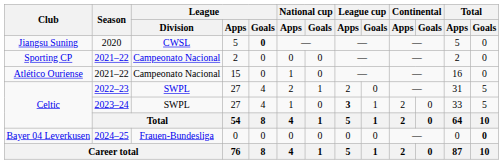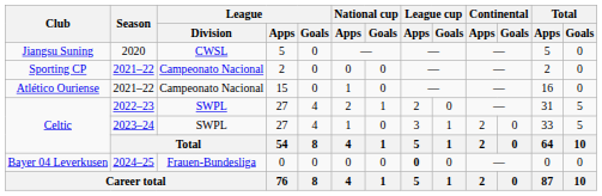 <table class=wikitable style=text-align:center>
 <tr>
 <th rowspan="2">Club</th>
 <th rowspan="2">Season</th>
 <th colspan="3">League</th>
 <th colspan="2">National cup</th>
 <th colspan="2">League cup</th>
 <th colspan="2">Continental</th>
 <th colspan="2">Total</th>
 </tr>
 <tr>
 <th>Division</th>
 <th>Apps</th>
 <th>Goals</th>
 <th>Apps</th>
 <th>Goals</th>
 <th>Apps</th>
 <th>Goals</th>
 <th>Apps</th>
 <th>Goals</th>
 <th>Apps</th>
 <th>Goals</th>
 </tr>
 <tr>
 <td><a href='#'>Jiangsu Suning</a></td>
 <td>2020</td>
 <td><a href='#'>CWSL</a></td>
 <td>5</td>
-<td><strong>0</strong></td>
+<td>0</td>
 <td colspan="2">—</td>
 <td colspan="2">—</td>
 <td colspan="2">—</td>
 <td>5</td>
 <td>0</td>
 </tr>
 <tr>
 <td><a href='#'>Sporting CP</a></td>
 <td><a href='#'>2021–22</a></td>
 <td><a href='#'>Campeonato Nacional</a></td>
 <td>2</td>
 <td>0</td>
 <td>0</td>
 <td>0</td>
 <td colspan="2">—</td>
 <td colspan="2">—</td>
 <td>2</td>
 <td>0</td>
 </tr>
 <tr>
 <td><a href='#'>Atlético Ouriense</a></td>
 <td>2021–22</td>
 <td>Campeonato Nacional</td>
 <td>15</td>
 <td>0</td>
 <td>1</td>
 <td>0</td>
 <td colspan="2">—</td>
 <td colspan="2">—</td>
 <td>16</td>
 <td>0</td>
 </tr>
 <tr>
 <td rowspan="3"><a href='#'>Celtic</a></td>
 <td><a href='#'>2022–23</a></td>
 <td><a href='#'>SWPL</a></td>
 <td>27</td>
 <td>4</td>
 <td>2</td>
 <td>1</td>
 <td>2</td>
 <td>0</td>
 <td colspan="2">—</td>
 <td>31</td>
 <td>5</td>
 </tr>
 <tr>
 <td><a href='#'>2023–24</a></td>
 <td>SWPL</td>
 <td>27</td>
 <td>4</td>
 <td>1</td>
 <td>0</td>
-<td><strong>3</strong></td>
+<td>3</td>
 <td>1</td>
 <td>2</td>
 <td>0</td>
 <td>33</td>
 <td>5</td>
 </tr>
 <tr>
 <th colspan="2">Total</th>
 <th>54</th>
 <th>8</th>
 <th>4</th>
 <th>1</th>
 <th>5</th>
 <th>1</th>
 <th>2</th>
 <th>0</th>
 <th>64</th>
 <th>10</th>
 </tr>
 <tr>
 <td><a href='#'>Bayer 04 Leverkusen</a></td>
 <td><a href='#'>2024–25</a></td>
 <td><a href='#'>Frauen-Bundesliga</a></td>
 <td>0</td>
 <td>0</td>
 <td>0</td>
 <td>0</td>
-<td>0</td>
+<td><strong>0</strong></td>
 <td>0</td>
 <td colspan="2">—</td>
 <td>0</td>
-<td><strong>0</strong></td>
+<td>0</td>
 </tr>
 <tr>
 <th colspan="3">Career total</th>
 <th>76</th>
 <th>8</th>
 <th>4</th>
 <th>1</th>
 <th>5</th>
 <th>1</th>
 <th>2</th>
 <th>0</th>
 <th>87</th>
 <th>10</th>
 </tr>
 </table>
